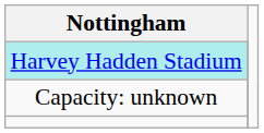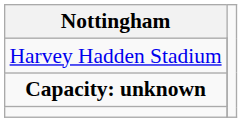 <table class="wikitable" style="text-align:center">
 <tr>
 <th colspan="2">Nottingham</th>
 <td rowspan=4></td>
 </tr>
 <tr>
-<td style="background: paleturquoise;"><a href='#'>Harvey Hadden Stadium</a></td>
+<td><a href='#'>Harvey Hadden Stadium</a></td>
 </tr>
 <tr>
-<td>Capacity: unknown</td>
+<td><strong>Capacity: unknown</strong></td>
 </tr>
 <tr>
 <td></td>
 </tr>
 </table>
